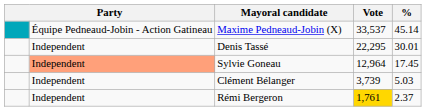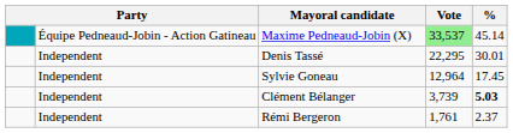 <table class="wikitable">
 <tr>
 <th width="230px" colspan="2">Party</th>
 <th width="200px">Mayoral candidate</th>
 <th width="50px">Vote</th>
 <th width="30px">%</th>
 </tr>
 <tr>
 <td bgcolor=#00a7ba width="30px"> </td>
 <td>Équipe Pedneaud-Jobin - Action Gatineau</td>
 <td><a href='#'>Maxime Pedneaud-Jobin</a> (X)</td>
-<td>33,537</td>
+<td style="background: lightgreen;">33,537</td>
 <td>45.14</td>
 </tr>
 <tr>
 <td> </td>
 <td>Independent</td>
 <td>Denis Tassé</td>
 <td>22,295</td>
 <td>30.01</td>
 </tr>
 <tr>
 <td> </td>
-<td style="background: lightsalmon;">Independent</td>
+<td>Independent</td>
 <td>Sylvie Goneau</td>
 <td>12,964</td>
 <td>17.45</td>
 </tr>
 <tr>
 <td> </td>
 <td>Independent</td>
 <td>Clément Bélanger</td>
 <td>3,739</td>
-<td>5.03</td>
+<td><strong>5.03</strong></td>
 </tr>
 <tr>
 <td> </td>
 <td>Independent</td>
 <td>Rémi Bergeron</td>
-<td style="background: gold;">1,761</td>
+<td>1,761</td>
 <td>2.37</td>
 </tr>
 </table>
